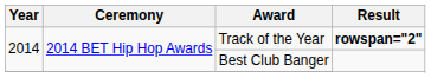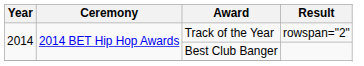 <table class="wikitable">
 <tr>
 <th>Year</th>
 <th>Ceremony</th>
 <th>Award</th>
 <th>Result</th>
 </tr>
 <tr>
 <td rowspan="2">2014</td>
 <td rowspan="2"><a href='#'>2014 BET Hip Hop Awards</a></td>
 <td>Track of the Year</td>
-<td><strong>rowspan="2" </strong></td>
+<td>rowspan="2" </td>
 </tr>
 <tr>
 <td>Best Club Banger</td>
 </tr>
 <tr>
 </tr>
 </table>
